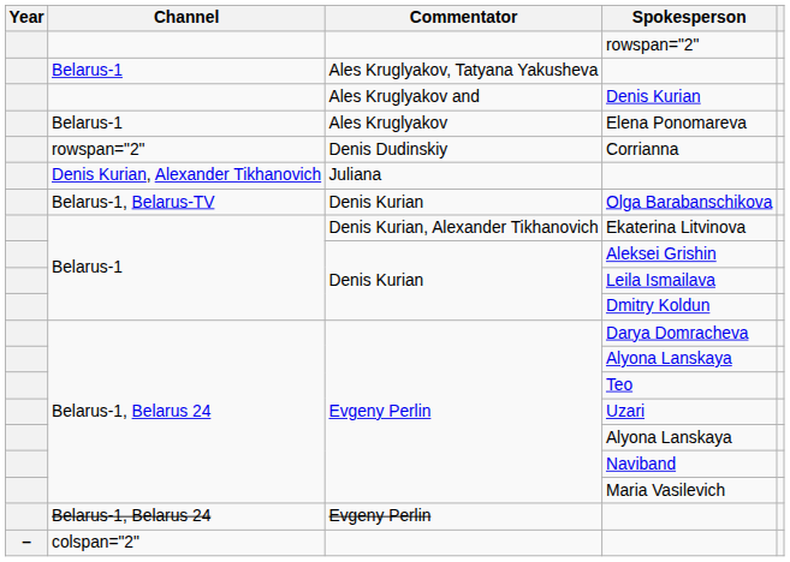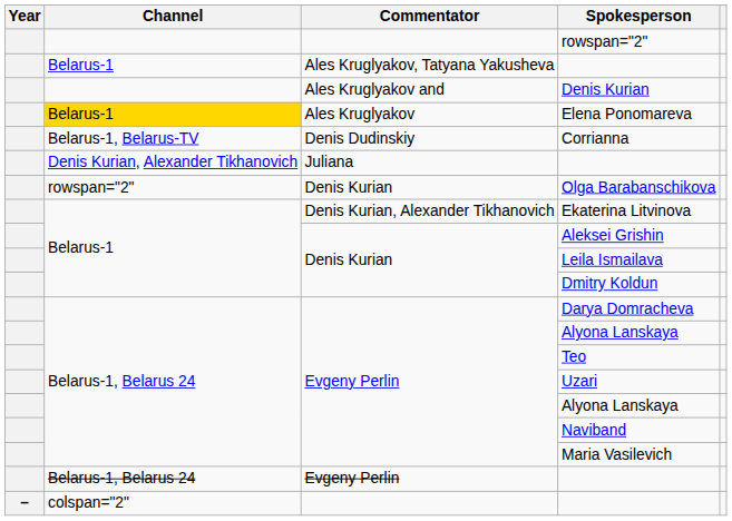 <table class="wikitable sortable plainrowheaders">
 <tr>
 <th scope="col">Year</th>
 <th scope="col">Channel</th>
 <th scope="col">Commentator</th>
 <th scope="col">Spokesperson</th>
 <th scope="col" class="unsortable"></th>
 </tr>
 <tr>
 <th scope="row"></th>
 <td></td>
 <td></td>
 <td>rowspan="2" </td>
 <td></td>
 </tr>
 <tr>
 <th scope="row"></th>
 <td><a href='#'>Belarus-1</a></td>
 <td>Ales Kruglyakov, Tatyana Yakusheva</td>
 <td></td>
 </tr>
 <tr>
 <th scope="row"></th>
 <td></td>
 <td>Ales Kruglyakov and </td>
 <td><a href='#'>Denis Kurian</a></td>
 <td></td>
 </tr>
 <tr>
 <th scope="row"></th>
-<td>Belarus-1</td>
+<td style="background: gold;">Belarus-1</td>
 <td>Ales Kruglyakov</td>
 <td>Elena Ponomareva</td>
 <td></td>
 </tr>
 <tr>
 <th scope="row"></th>
-<td>rowspan="2" </td>
+<td>Belarus-1, <a href='#'>Belarus-TV</a></td>
 <td>Denis Dudinskiy</td>
 <td>Corrianna</td>
 <td></td>
 </tr>
 <tr>
 <th scope="row"></th>
 <td><a href='#'>Denis Kurian</a>, <a href='#'>Alexander Tikhanovich</a></td>
 <td>Juliana</td>
 <td></td>
 </tr>
 <tr>
 <th scope="row"></th>
-<td>Belarus-1, <a href='#'>Belarus-TV</a></td>
+<td>rowspan="2" </td>
 <td>Denis Kurian</td>
 <td><a href='#'>Olga Barabanschikova</a></td>
 <td></td>
 </tr>
 <tr>
 <th scope="row"></th>
 <td rowspan="4">Belarus-1</td>
 <td>Denis Kurian, Alexander Tikhanovich</td>
 <td>Ekaterina Litvinova</td>
 <td></td>
 </tr>
 <tr>
 <th scope="row"></th>
 <td rowspan="3">Denis Kurian</td>
 <td><a href='#'>Aleksei Grishin</a></td>
 <td></td>
 </tr>
 <tr>
 <th scope="row"></th>
 <td><a href='#'>Leila Ismailava</a></td>
 <td></td>
 </tr>
 <tr>
 <th scope="row"></th>
 <td><a href='#'>Dmitry Koldun</a></td>
 <td></td>
 </tr>
 <tr>
 <th scope="row"></th>
 <td rowspan="7">Belarus-1, <a href='#'>Belarus 24</a></td>
 <td rowspan="7"><a href='#'>Evgeny Perlin</a></td>
 <td><a href='#'>Darya Domracheva</a></td>
 <td></td>
 </tr>
 <tr>
 <th scope="row"></th>
 <td><a href='#'>Alyona Lanskaya</a></td>
 <td></td>
 </tr>
 <tr>
 <th scope="row"></th>
 <td><a href='#'>Teo</a></td>
 <td></td>
 </tr>
 <tr>
 <th scope="row"></th>
 <td><a href='#'>Uzari</a></td>
 <td></td>
 </tr>
 <tr>
 <th scope="row"></th>
 <td>Alyona Lanskaya</td>
 <td></td>
 </tr>
 <tr>
 <th scope="row"></th>
 <td><a href='#'>Naviband</a></td>
 <td></td>
 </tr>
 <tr>
 <th scope="row"></th>
 <td>Maria Vasilevich</td>
 <td></td>
 </tr>
 <tr>
 <th scope="row"><s></s></th>
 <td><s>Belarus-1, Belarus 24</s></td>
 <td><s>Evgeny Perlin</s></td>
 <td></td>
 <td></td>
 </tr>
 <tr>
 <th scope="row">–</th>
 <td>colspan="2"</td>
 <td></td>
 <td></td>
 </tr>
 </table>
